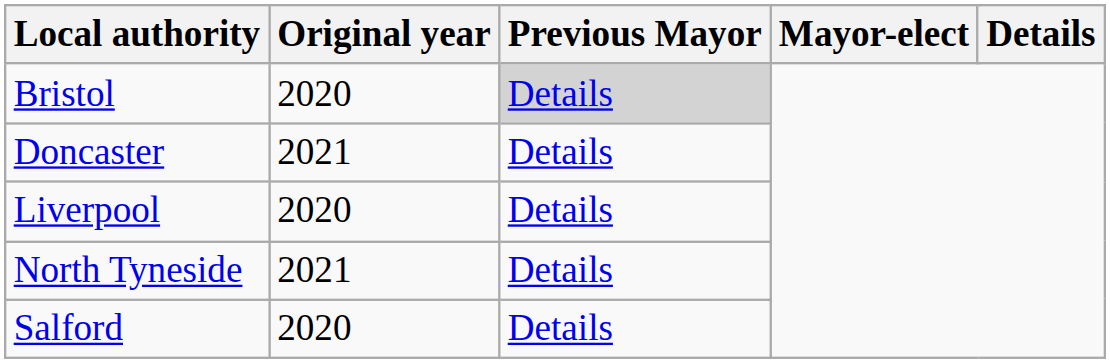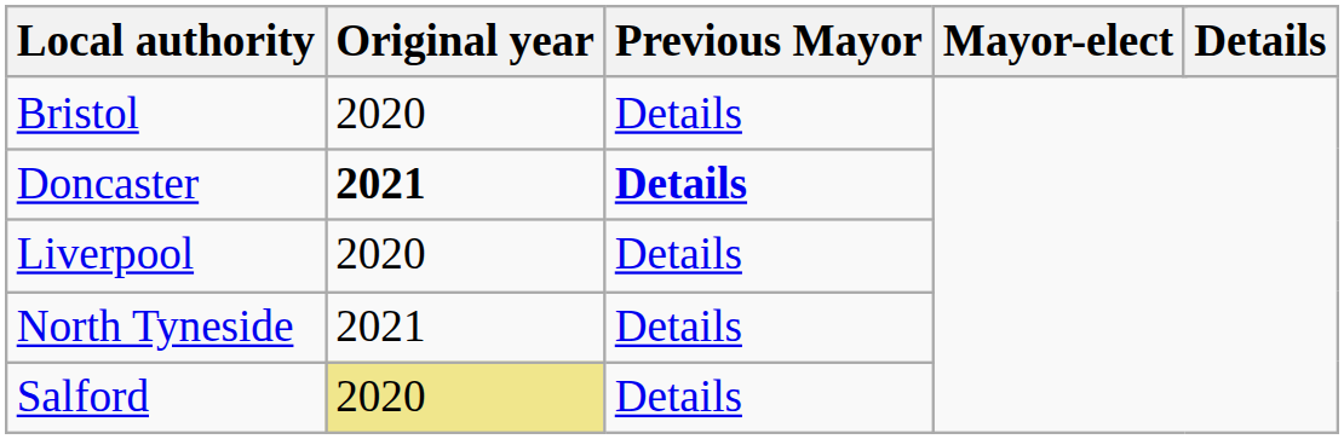 <table class="wikitable">
 <tr>
 <th>Local authority</th>
 <th>Original year</th>
 <th colspan="2">Previous Mayor</th>
 <th colspan="2">Mayor-elect</th>
 <th>Details</th>
 </tr>
 <tr>
 <td><a href='#'>Bristol</a></td>
 <td>2020<br> </td>
-<td style="background: lightgrey;"><a href='#'>Details</a></td>
+<td><a href='#'>Details</a></td>
 </tr>
 <tr>
 <td><a href='#'>Doncaster</a></td>
-<td>2021<br> </td>
-<td><a href='#'>Details</a></td>
+<td><strong>2021<br> </strong></td>
+<td><strong><a href='#'>Details</a></strong></td>
 </tr>
 <tr>
 <td><a href='#'>Liverpool</a></td>
 <td>2020<br> </td>
 <td><a href='#'>Details</a></td>
 </tr>
 <tr>
 <td><a href='#'>North Tyneside</a></td>
 <td>2021<br> </td>
 <td><a href='#'>Details</a></td>
 </tr>
 <tr>
 <td><a href='#'>Salford</a></td>
-<td>2020<br> </td>
+<td style="background: khaki;">2020<br> </td>
 <td><a href='#'>Details</a></td>
 </tr>
 </table>
